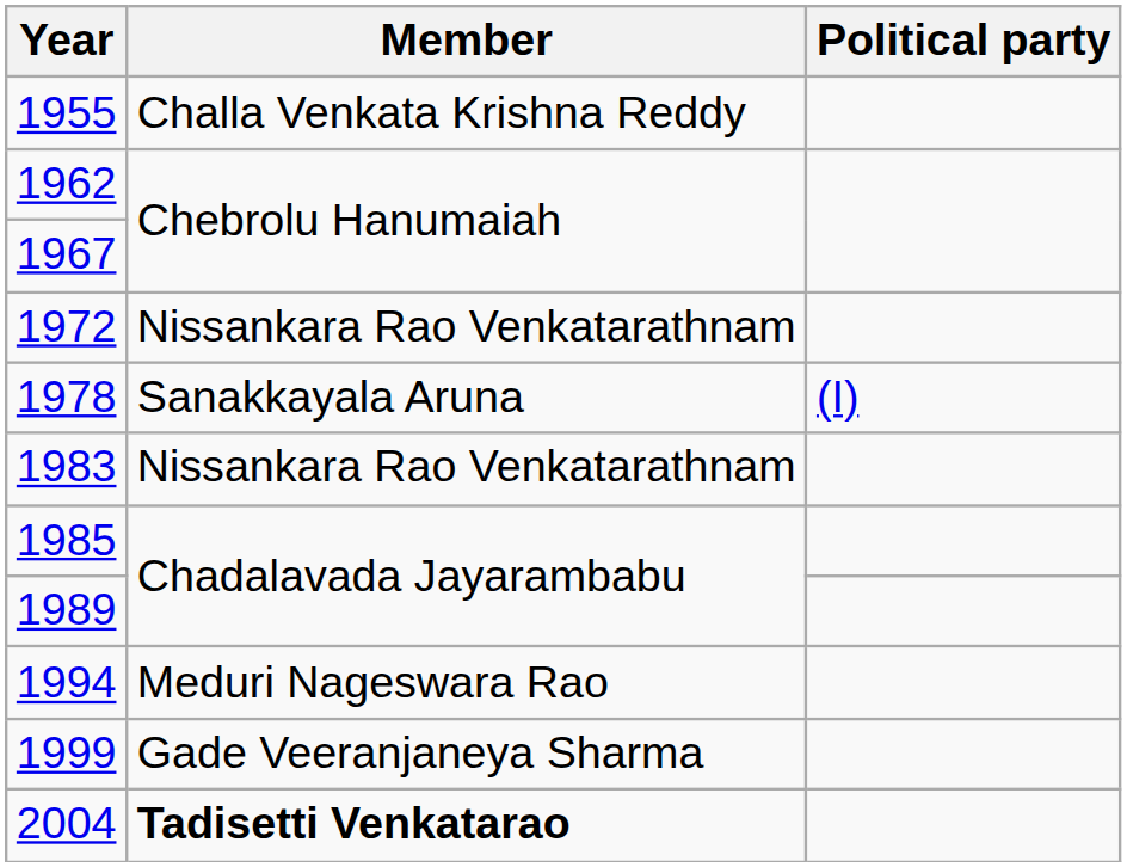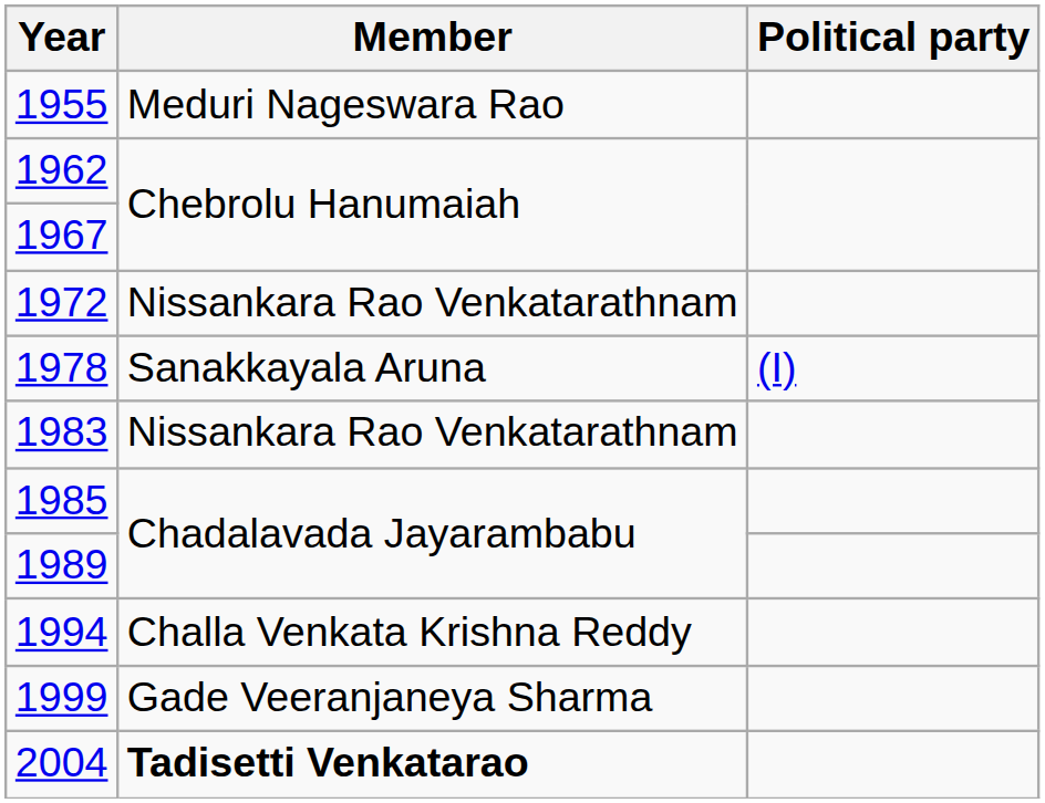 <table class="wikitable sortable">
 <tr>
 <th>Year</th>
 <th>Member</th>
 <th colspan=2>Political party</th>
 </tr>
 <tr>
 <td><a href='#'>1955</a></td>
-<td>Challa Venkata Krishna Reddy</td>
+<td>Meduri Nageswara Rao</td>
 <td></td>
 </tr>
 <tr>
 <td><a href='#'>1962</a></td>
 <td rowspan=2>Chebrolu Hanumaiah</td>
 </tr>
 <tr>
 <td><a href='#'>1967</a></td>
 </tr>
 <tr>
 <td><a href='#'>1972</a></td>
 <td>Nissankara Rao Venkatarathnam</td>
 <td></td>
 </tr>
 <tr>
 <td><a href='#'>1978</a></td>
 <td>Sanakkayala Aruna</td>
 <td> <a href='#'>(I)</a></td>
 </tr>
 <tr>
 <td><a href='#'>1983</a></td>
 <td>Nissankara Rao Venkatarathnam</td>
 <td></td>
 </tr>
 <tr>
 <td><a href='#'>1985</a></td>
 <td rowspan=2>Chadalavada Jayarambabu</td>
 <td></td>
 </tr>
 <tr>
 <td><a href='#'>1989</a></td>
 </tr>
 <tr>
 <td><a href='#'>1994</a></td>
-<td>Meduri Nageswara Rao</td>
+<td>Challa Venkata Krishna Reddy</td>
 <td></td>
 </tr>
 <tr>
 <td><a href='#'>1999</a></td>
 <td>Gade Veeranjaneya Sharma</td>
 </tr>
 <tr>
 <td><a href='#'>2004</a></td>
 <td><strong>Tadisetti Venkatarao</strong></td>
 <td></td>
 </tr>
 </table>
